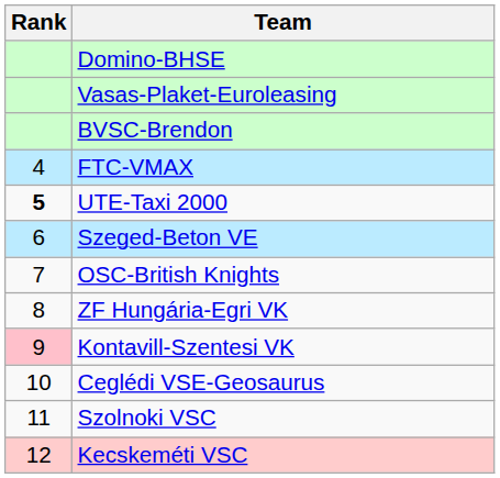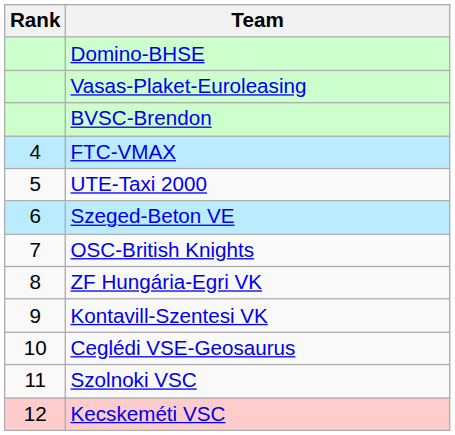 <table class="wikitable">
 <tr>
 <th width=40>Rank</th>
 <th width=290>Team</th>
 </tr>
 <tr bgcolor=#ccffcc>
 <td align="center"></td>
 <td align="left"> <a href='#'>Domino-BHSE</a></td>
 </tr>
 <tr bgcolor=#ccffcc>
 <td align="center"></td>
 <td align="left"> <a href='#'>Vasas-Plaket-Euroleasing</a></td>
 </tr>
 <tr bgcolor=#ccffcc>
 <td align="center"></td>
 <td align="left"> <a href='#'>BVSC-Brendon</a></td>
 </tr>
 <tr bgcolor=#bbebff>
 <td align="center">4</td>
 <td align="left"> <a href='#'>FTC-VMAX</a></td>
 </tr>
 <tr>
-<td align="center"><strong>5</strong></td>
+<td align="center">5</td>
 <td align="left"> <a href='#'>UTE-Taxi 2000</a></td>
 </tr>
 <tr bgcolor=#bbebff>
 <td align="center">6</td>
 <td align="left"> <a href='#'>Szeged-Beton VE</a></td>
 </tr>
 <tr>
 <td align="center">7</td>
 <td align="left"> <a href='#'>OSC-British Knights</a></td>
 </tr>
 <tr>
 <td align="center">8</td>
 <td align="left"> <a href='#'>ZF Hungária-Egri VK</a></td>
 </tr>
 <tr>
-<td align="center" style="background: pink;">9</td>
+<td align="center">9</td>
 <td align="left"> <a href='#'>Kontavill-Szentesi VK</a></td>
 </tr>
 <tr>
 <td align="center">10</td>
 <td align="left"> <a href='#'>Ceglédi VSE-Geosaurus</a></td>
 </tr>
 <tr>
 <td align="center">11</td>
 <td align="left"> <a href='#'>Szolnoki VSC</a></td>
 </tr>
 <tr bgcolor=#ffcccc>
 <td align="center">12</td>
 <td align="left"> <a href='#'>Kecskeméti VSC</a></td>
 </tr>
 </table>
